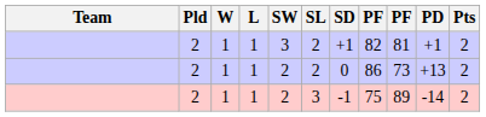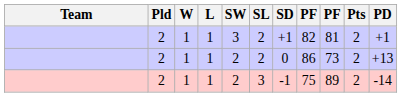 <table class=wikitable style="text-align:center">
 <tr>
 <th width=160>Team</th>
 <th width=20>Pld</th>
 <th width=20>W</th>
 <th width=20>L</th>
 <th width=20>SW</th>
 <th width=20>SL</th>
 <th width=20>SD</th>
 <th width=20>PF</th>
 <th width=20>PF</th>
+<th width=20>Pts</th>
 <th width=20>PD</th>
-<th width=20>Pts</th>
 </tr>
 <tr bgcolor="ccccff">
 <td align=left></td>
 <td>2</td>
 <td>1</td>
 <td>1</td>
 <td>3</td>
 <td>2</td>
 <td>+1</td>
 <td>82</td>
 <td>81</td>
+<td>2</td>
 <td>+1</td>
-<td>2</td>
 </tr>
 <tr bgcolor="ccccff">
 <td align=left></td>
 <td>2</td>
 <td>1</td>
 <td>1</td>
 <td>2</td>
 <td>2</td>
 <td>0</td>
 <td>86</td>
 <td>73</td>
+<td>2</td>
 <td>+13</td>
-<td>2</td>
 </tr>
 <tr bgcolor="ffcccc">
 <td align=left></td>
 <td>2</td>
 <td>1</td>
 <td>1</td>
 <td>2</td>
 <td>3</td>
 <td>-1</td>
 <td>75</td>
 <td>89</td>
+<td>2</td>
 <td>-14</td>
-<td>2</td>
 </tr>
 </table>
